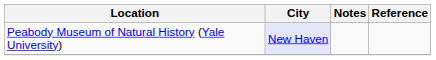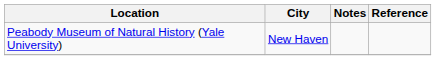 <table class="wikitable">
 <tr>
 <th Width="350">Location</th>
 <th>City</th>
 <th>Notes</th>
 <th>Reference</th>
 </tr>
 <tr>
 <td><a href='#'>Peabody Museum of Natural History</a> (<a href='#'>Yale University</a>)</td>
-<td style="background: lavender;"><a href='#'>New Haven</a></td>
+<td><a href='#'>New Haven</a></td>
 <td></td>
 <td></td>
 </tr>
 <tr>
 </tr>
 </table>
